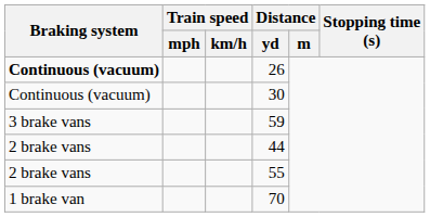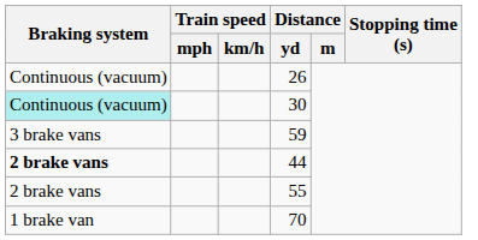 <table class="wikitable">
 <tr>
 <th rowspan=2>Braking system</th>
 <th colspan=2>Train speed</th>
 <th colspan=2>Distance</th>
 <th rowspan=2>Stopping time <br>(s)</th>
 </tr>
 <tr>
 <th>mph</th>
 <th>km/h</th>
 <th>yd</th>
 <th>m</th>
 </tr>
 <tr>
-<td><strong>Continuous (vacuum)</strong></td>
+<td>Continuous (vacuum)</td>
 <td></td>
 <td></td>
 <td align=right>26</td>
 </tr>
 <tr>
-<td>Continuous (vacuum)</td>
+<td style="background: paleturquoise;">Continuous (vacuum)</td>
 <td></td>
 <td></td>
 <td align=right>30</td>
 </tr>
 <tr>
 <td>3 brake vans</td>
 <td></td>
 <td></td>
 <td align=right>59</td>
 </tr>
 <tr>
-<td>2 brake vans</td>
+<td><strong>2 brake vans</strong></td>
 <td></td>
 <td></td>
 <td align=right>44</td>
 </tr>
 <tr>
 <td>2 brake vans</td>
 <td></td>
 <td></td>
 <td align=right>55</td>
 </tr>
 <tr>
 <td>1 brake van</td>
 <td></td>
 <td></td>
 <td align=right>70</td>
 </tr>
 </table>
